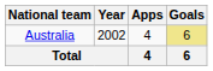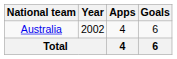 <table class="wikitable" style="text-align: center;">
 <tr>
 <th>National team</th>
 <th>Year</th>
 <th>Apps</th>
 <th>Goals</th>
 </tr>
 <tr>
 <td><a href='#'>Australia</a></td>
 <td>2002</td>
 <td>4</td>
-<td style="background: khaki;">6</td>
+<td>6</td>
 </tr>
 <tr>
 <th colspan="2">Total</th>
 <th>4</th>
 <th>6</th>
 </tr>
 </table>
